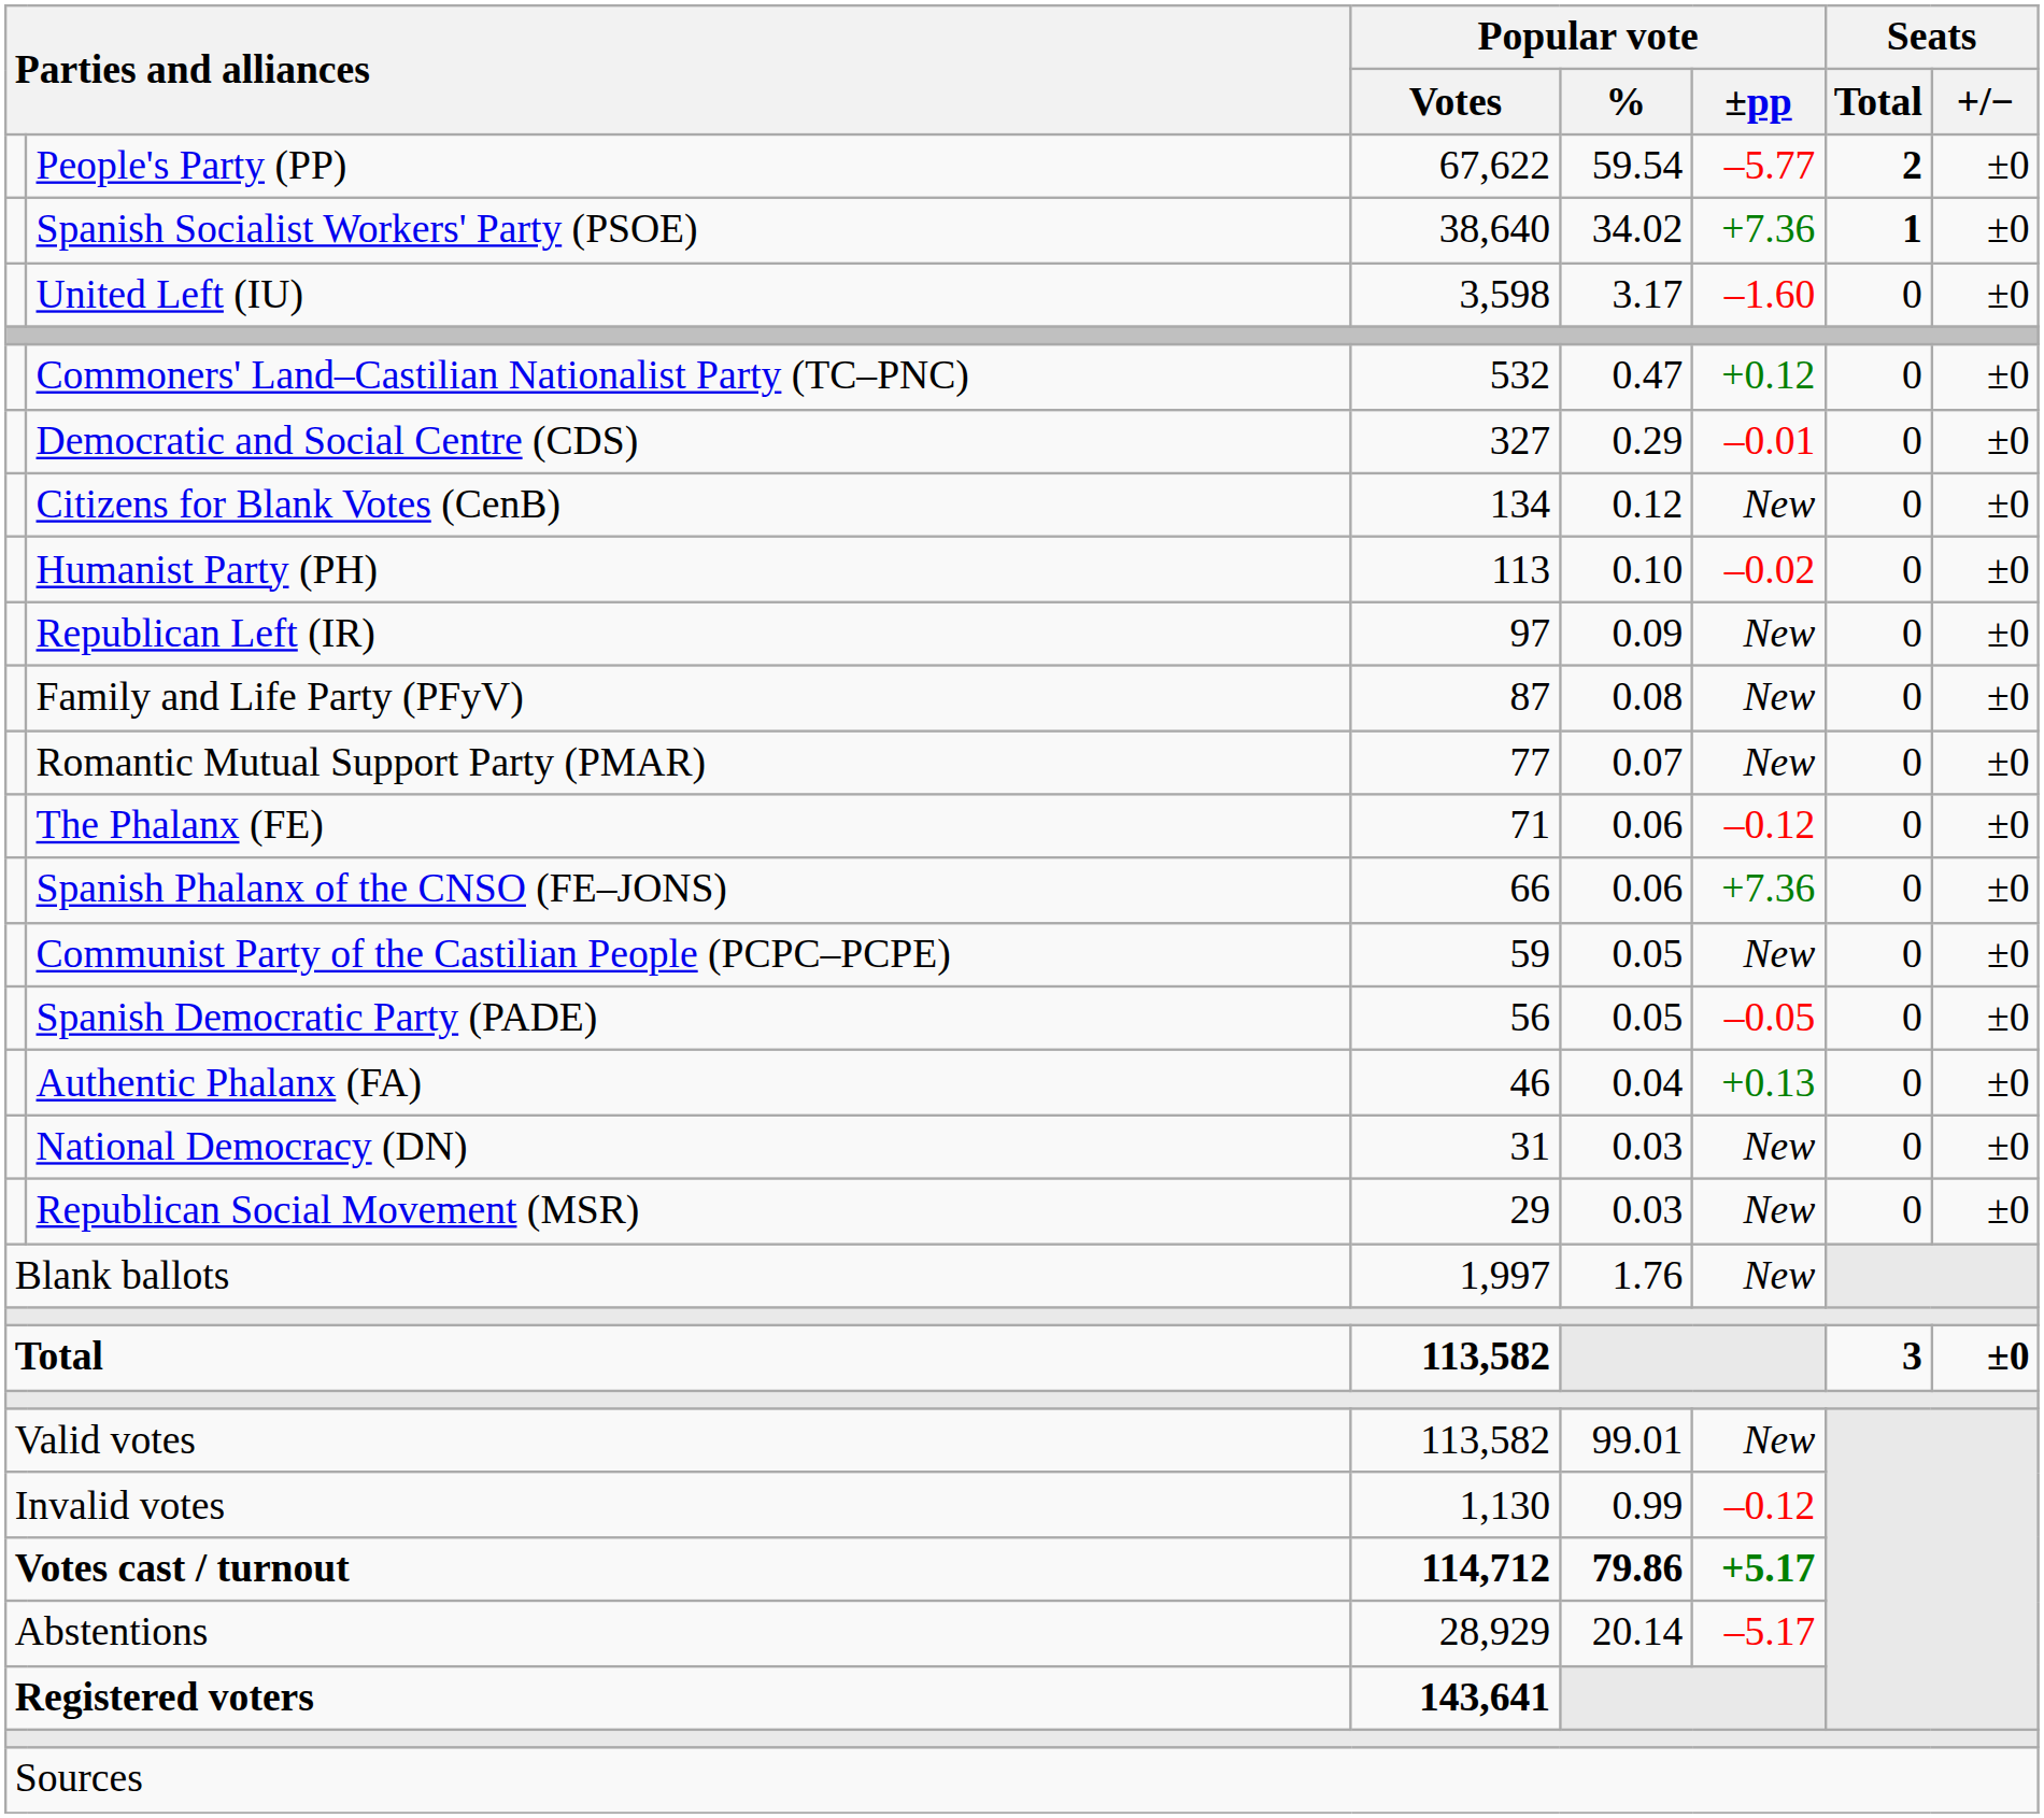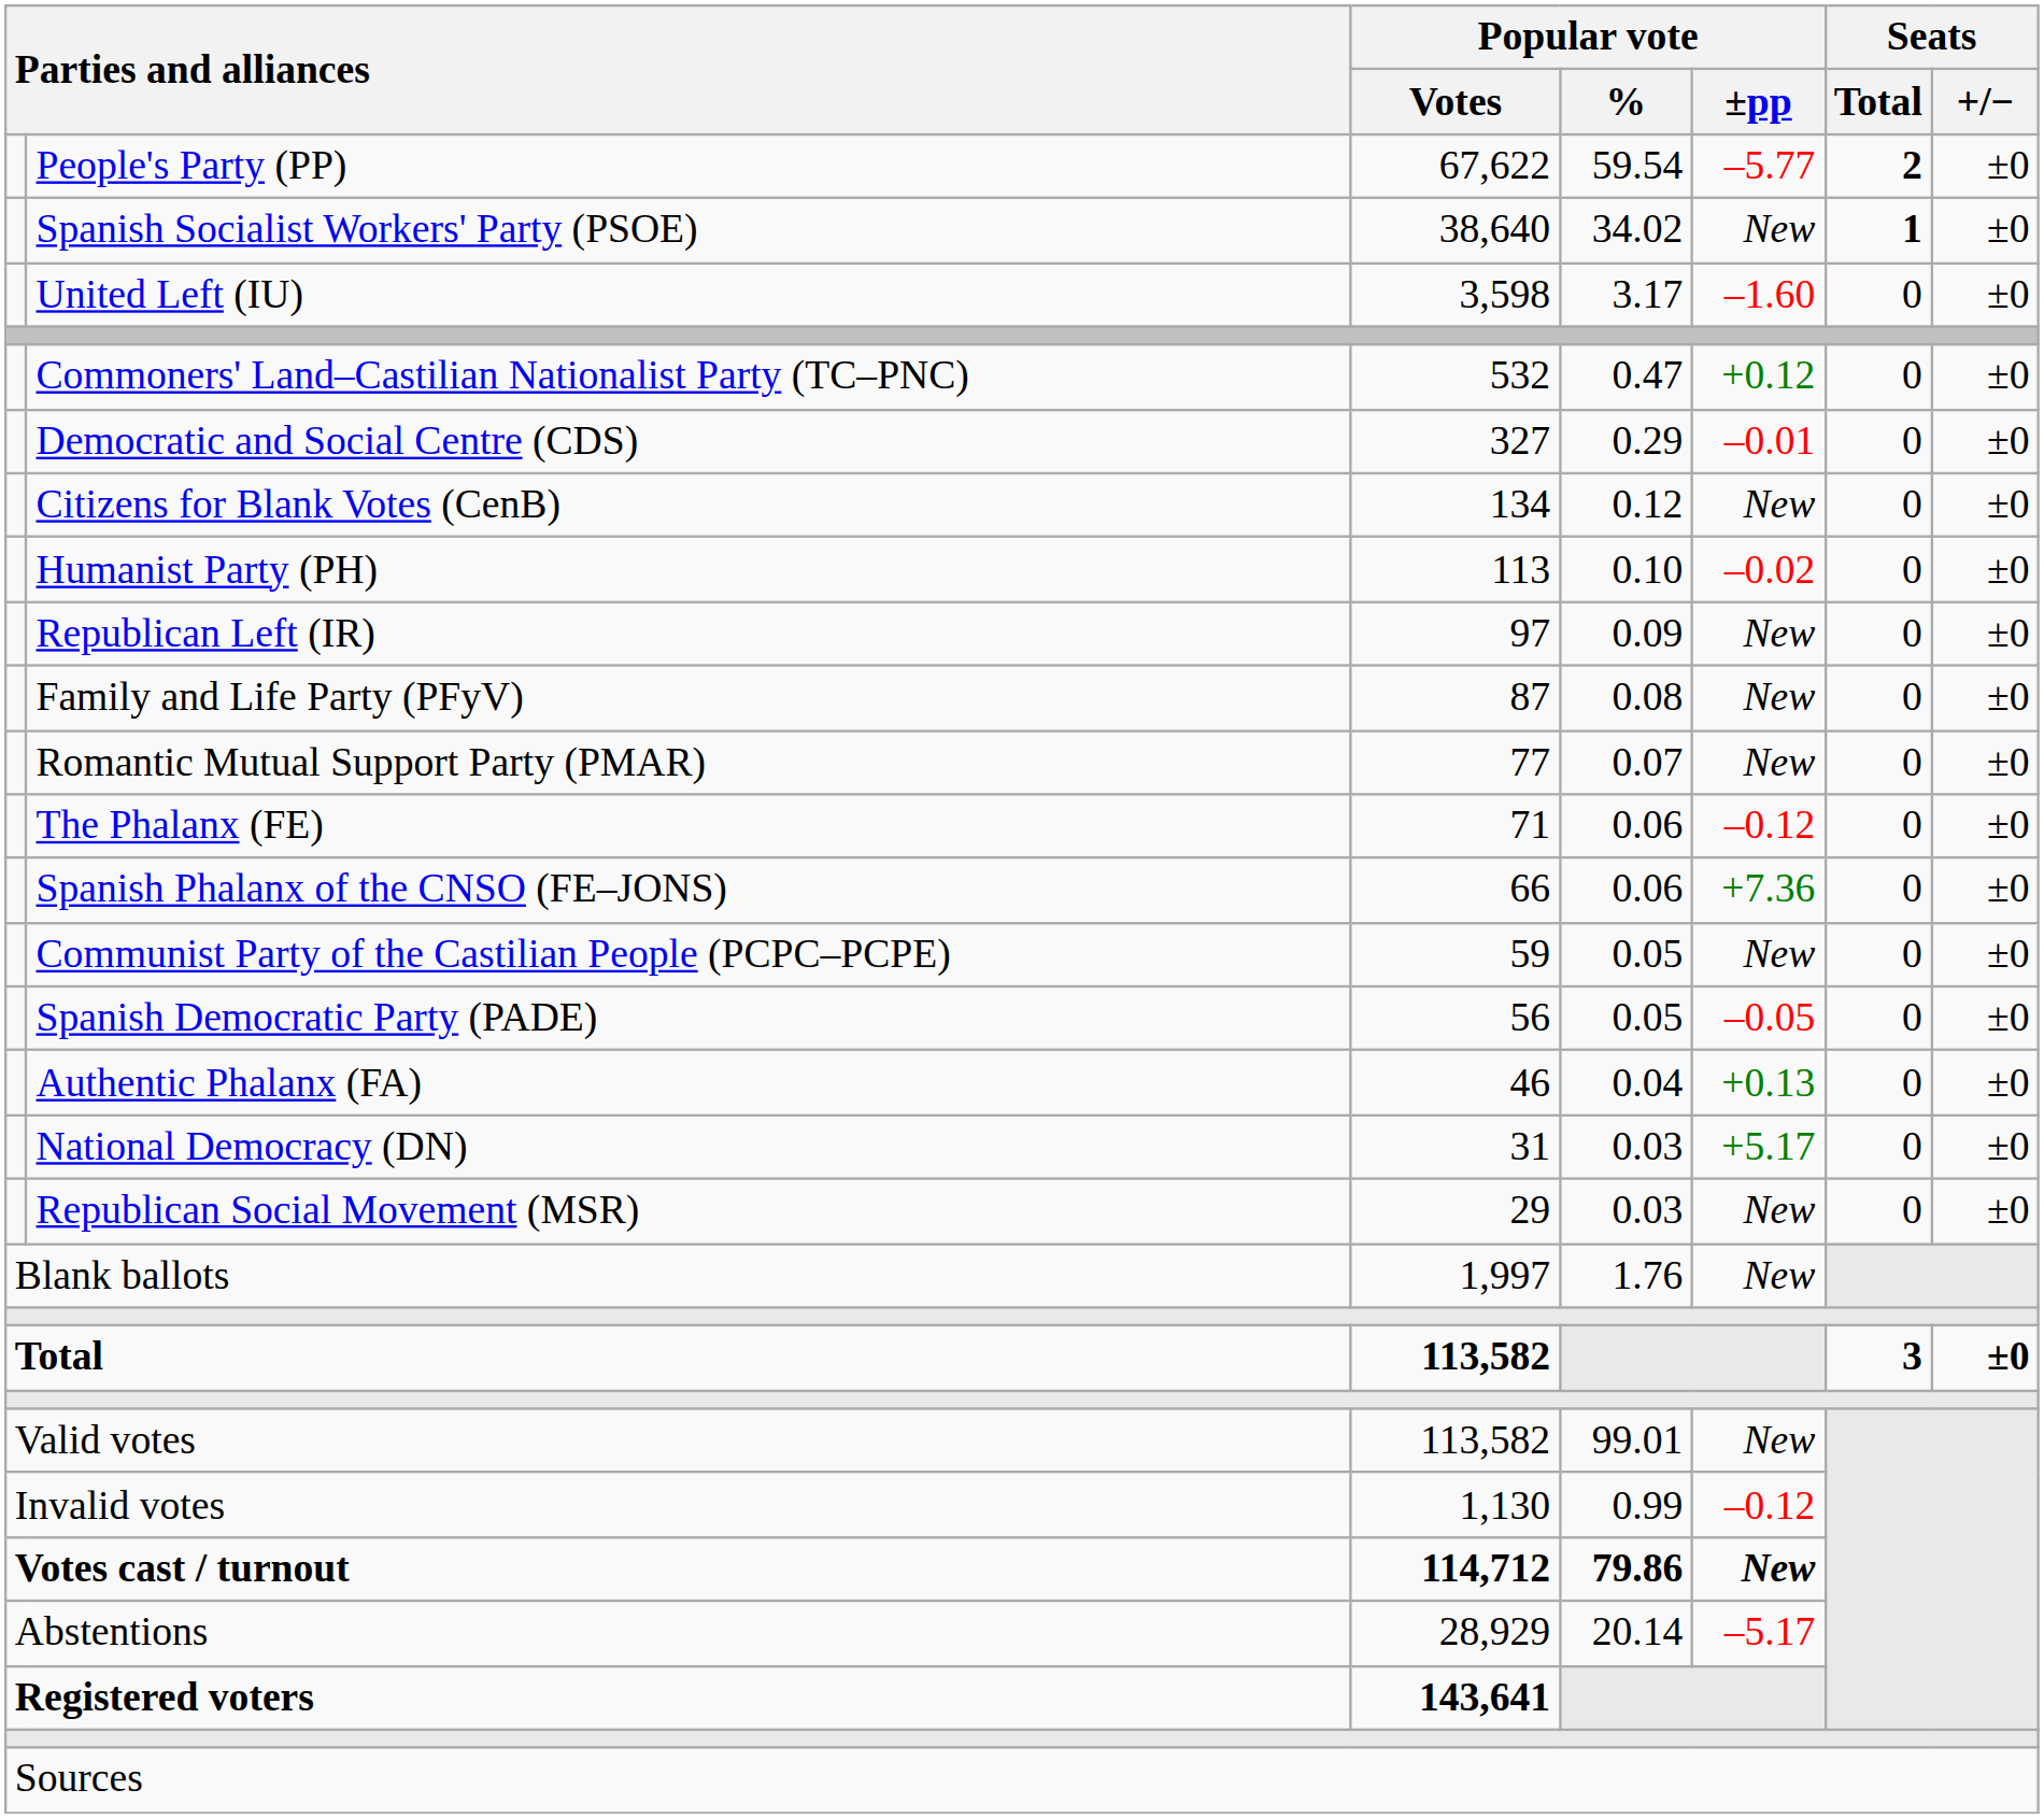 <table class="wikitable" style="text-align:right;">
 <tr>
 <th style="text-align:left;" rowspan="2" colspan="2" width="525">Parties and alliances</th>
 <th colspan="3">Popular vote</th>
 <th colspan="2">Seats</th>
 </tr>
 <tr>
 <th width="75">Votes</th>
 <th width="45">%</th>
 <th width="45">±<a href='#'>pp</a></th>
 <th width="35">Total</th>
 <th width="35">+/−</th>
 </tr>
 <tr>
 <td width="1" style="color:inherit;background:"></td>
 <td align="left"><a href='#'>People's Party</a> (PP)</td>
 <td>67,622</td>
 <td>59.54</td>
 <td style="color:red;">–5.77</td>
 <td><strong>2</strong></td>
 <td>±0</td>
 </tr>
 <tr>
 <td style="color:inherit;background:"></td>
 <td align="left"><a href='#'>Spanish Socialist Workers' Party</a> (PSOE)</td>
 <td>38,640</td>
 <td>34.02</td>
-<td style="color:green;">+7.36</td>
+<td><em>New</em></td>
 <td><strong>1</strong></td>
 <td>±0</td>
 </tr>
 <tr>
 <td style="color:inherit;background:"></td>
 <td align="left"><a href='#'>United Left</a> (IU)</td>
 <td>3,598</td>
 <td>3.17</td>
 <td style="color:red;">–1.60</td>
 <td>0</td>
 <td>±0</td>
 </tr>
 <tr>
 <td colspan="7" bgcolor="#C0C0C0"></td>
 </tr>
 <tr>
 <td style="color:inherit;background:"></td>
 <td align="left"><a href='#'>Commoners' Land–Castilian Nationalist Party</a> (TC–PNC)</td>
 <td>532</td>
 <td>0.47</td>
 <td style="color:green;">+0.12</td>
 <td>0</td>
 <td>±0</td>
 </tr>
 <tr>
 <td style="color:inherit;background:"></td>
 <td align="left"><a href='#'>Democratic and Social Centre</a> (CDS)</td>
 <td>327</td>
 <td>0.29</td>
 <td style="color:red;">–0.01</td>
 <td>0</td>
 <td>±0</td>
 </tr>
 <tr>
 <td style="color:inherit;background:"></td>
 <td align="left"><a href='#'>Citizens for Blank Votes</a> (CenB)</td>
 <td>134</td>
 <td>0.12</td>
 <td><em>New</em></td>
 <td>0</td>
 <td>±0</td>
 </tr>
 <tr>
 <td style="color:inherit;background:"></td>
 <td align="left"><a href='#'>Humanist Party</a> (PH)</td>
 <td>113</td>
 <td>0.10</td>
 <td style="color:red;">–0.02</td>
 <td>0</td>
 <td>±0</td>
 </tr>
 <tr>
 <td style="color:inherit;background:"></td>
 <td align="left"><a href='#'>Republican Left</a> (IR)</td>
 <td>97</td>
 <td>0.09</td>
 <td><em>New</em></td>
 <td>0</td>
 <td>±0</td>
 </tr>
 <tr>
 <td style="color:inherit;background:"></td>
 <td align="left">Family and Life Party (PFyV)</td>
 <td>87</td>
 <td>0.08</td>
 <td><em>New</em></td>
 <td>0</td>
 <td>±0</td>
 </tr>
 <tr>
 <td style="color:inherit;background:"></td>
 <td align="left">Romantic Mutual Support Party (PMAR)</td>
 <td>77</td>
 <td>0.07</td>
 <td><em>New</em></td>
 <td>0</td>
 <td>±0</td>
 </tr>
 <tr>
 <td style="color:inherit;background:"></td>
 <td align="left"><a href='#'>The Phalanx</a> (FE)</td>
 <td>71</td>
 <td>0.06</td>
 <td style="color:red;">–0.12</td>
 <td>0</td>
 <td>±0</td>
 </tr>
 <tr>
 <td style="color:inherit;background:"></td>
 <td align="left"><a href='#'>Spanish Phalanx of the CNSO</a> (FE–JONS)</td>
 <td>66</td>
 <td>0.06</td>
 <td style="color:green;">+7.36</td>
 <td>0</td>
 <td>±0</td>
 </tr>
 <tr>
 <td style="color:inherit;background:"></td>
 <td align="left"><a href='#'>Communist Party of the Castilian People</a> (PCPC–PCPE)</td>
 <td>59</td>
 <td>0.05</td>
 <td><em>New</em></td>
 <td>0</td>
 <td>±0</td>
 </tr>
 <tr>
 <td style="color:inherit;background:"></td>
 <td align="left"><a href='#'>Spanish Democratic Party</a> (PADE)</td>
 <td>56</td>
 <td>0.05</td>
 <td style="color:red;">–0.05</td>
 <td>0</td>
 <td>±0</td>
 </tr>
 <tr>
 <td style="color:inherit;background:"></td>
 <td align="left"><a href='#'>Authentic Phalanx</a> (FA)</td>
 <td>46</td>
 <td>0.04</td>
 <td style="color:green;">+0.13</td>
 <td>0</td>
 <td>±0</td>
 </tr>
 <tr>
 <td style="color:inherit;background:"></td>
 <td align="left"><a href='#'>National Democracy</a> (DN)</td>
 <td>31</td>
 <td>0.03</td>
-<td><em>New</em></td>
+<td style="color:green;">+5.17</td>
 <td>0</td>
 <td>±0</td>
 </tr>
 <tr>
 <td style="color:inherit;background:"></td>
 <td align="left"><a href='#'>Republican Social Movement</a> (MSR)</td>
 <td>29</td>
 <td>0.03</td>
 <td><em>New</em></td>
 <td>0</td>
 <td>±0</td>
 </tr>
 <tr>
 <td align="left" colspan="2">Blank ballots</td>
 <td>1,997</td>
 <td>1.76</td>
 <td><em>New</em></td>
 <td bgcolor="#E9E9E9" colspan="2"></td>
 </tr>
 <tr>
 <td colspan="7" bgcolor="#E9E9E9"></td>
 </tr>
 <tr style="font-weight:bold;">
 <td align="left" colspan="2">Total</td>
 <td>113,582</td>
 <td bgcolor="#E9E9E9" colspan="2"></td>
 <td>3</td>
 <td>±0</td>
 </tr>
 <tr>
 <td colspan="7" bgcolor="#E9E9E9"></td>
 </tr>
 <tr>
 <td align="left" colspan="2">Valid votes</td>
 <td>113,582</td>
 <td>99.01</td>
 <td><em>New</em></td>
 <td bgcolor="#E9E9E9" colspan="2" rowspan="5"></td>
 </tr>
 <tr>
 <td align="left" colspan="2">Invalid votes</td>
 <td>1,130</td>
 <td>0.99</td>
 <td style="color:red;">–0.12</td>
 </tr>
 <tr style="font-weight:bold;">
 <td align="left" colspan="2">Votes cast / turnout</td>
 <td>114,712</td>
 <td>79.86</td>
-<td style="color:green;">+5.17</td>
+<td><em>New</em></td>
 </tr>
 <tr>
 <td align="left" colspan="2">Abstentions</td>
 <td>28,929</td>
 <td>20.14</td>
 <td style="color:red;">–5.17</td>
 </tr>
 <tr style="font-weight:bold;">
 <td align="left" colspan="2">Registered voters</td>
 <td>143,641</td>
 <td bgcolor="#E9E9E9" colspan="2"></td>
 </tr>
 <tr>
 <td colspan="7" bgcolor="#E9E9E9"></td>
 </tr>
 <tr>
 <td align="left" colspan="7">Sources</td>
 </tr>
 </table>
